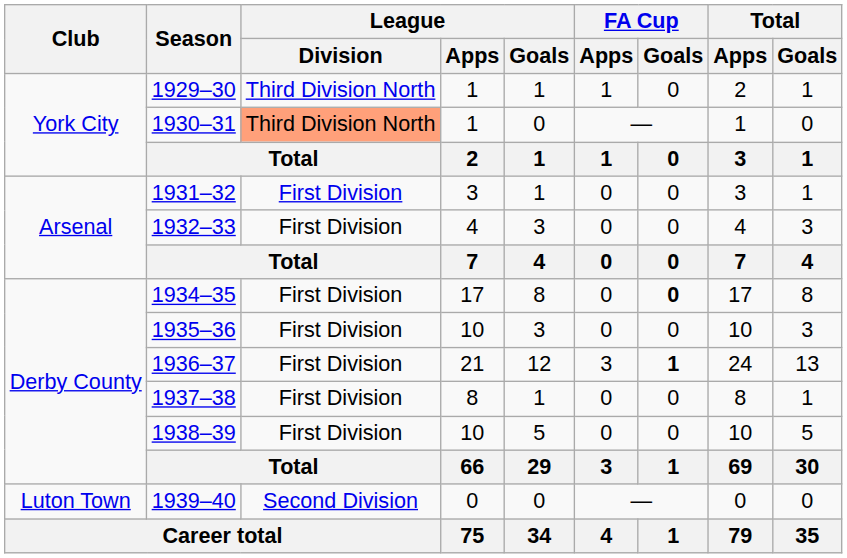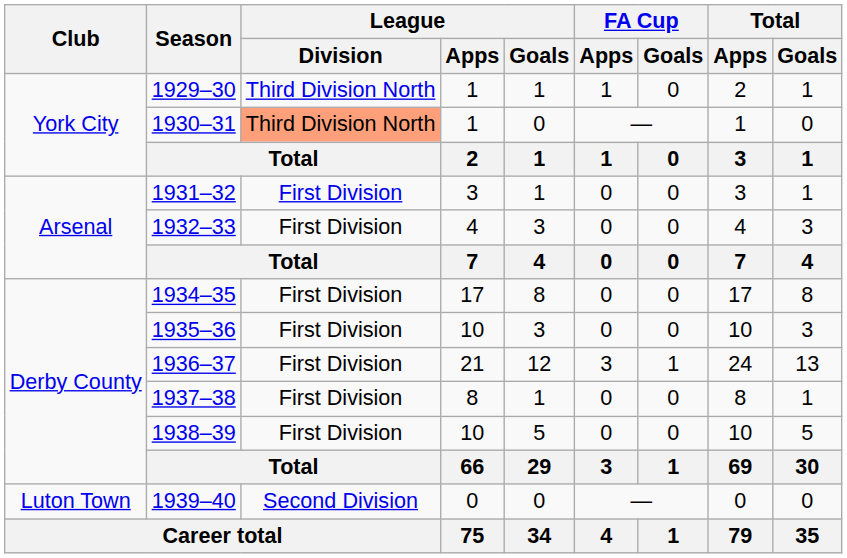 <table class="wikitable" style="text-align: center;">
 <tr>
 <th rowspan="2">Club</th>
 <th rowspan="2">Season</th>
 <th colspan="3">League</th>
 <th colspan="2"><a href='#'>FA Cup</a></th>
 <th colspan="2">Total</th>
 </tr>
 <tr>
 <th>Division</th>
 <th>Apps</th>
 <th>Goals</th>
 <th>Apps</th>
 <th>Goals</th>
 <th>Apps</th>
 <th>Goals</th>
 </tr>
 <tr>
 <td rowspan="3"><a href='#'>York City</a></td>
 <td><a href='#'>1929–30</a></td>
 <td><a href='#'>Third Division North</a></td>
 <td>1</td>
 <td>1</td>
 <td>1</td>
 <td>0</td>
 <td>2</td>
 <td>1</td>
 </tr>
 <tr>
 <td><a href='#'>1930–31</a></td>
 <td style="background: lightsalmon;">Third Division North</td>
 <td>1</td>
 <td>0</td>
 <td colspan="2">—</td>
 <td>1</td>
 <td>0</td>
 </tr>
 <tr>
 <th colspan="2">Total</th>
 <th>2</th>
 <th>1</th>
 <th>1</th>
 <th>0</th>
 <th>3</th>
 <th>1</th>
 </tr>
 <tr>
 <td rowspan="3"><a href='#'>Arsenal</a></td>
 <td><a href='#'>1931–32</a></td>
 <td><a href='#'>First Division</a></td>
 <td>3</td>
 <td>1</td>
 <td>0</td>
 <td>0</td>
 <td>3</td>
 <td>1</td>
 </tr>
 <tr>
 <td><a href='#'>1932–33</a></td>
 <td>First Division</td>
 <td>4</td>
 <td>3</td>
 <td>0</td>
 <td>0</td>
 <td>4</td>
 <td>3</td>
 </tr>
 <tr>
 <th colspan="2">Total</th>
 <th>7</th>
 <th>4</th>
 <th>0</th>
 <th>0</th>
 <th>7</th>
 <th>4</th>
 </tr>
 <tr>
 <td rowspan="6"><a href='#'>Derby County</a></td>
 <td><a href='#'>1934–35</a></td>
 <td>First Division</td>
 <td>17</td>
 <td>8</td>
 <td>0</td>
-<td><strong>0</strong></td>
+<td>0</td>
 <td>17</td>
 <td>8</td>
 </tr>
 <tr>
 <td><a href='#'>1935–36</a></td>
 <td>First Division</td>
 <td>10</td>
 <td>3</td>
 <td>0</td>
 <td>0</td>
 <td>10</td>
 <td>3</td>
 </tr>
 <tr>
 <td><a href='#'>1936–37</a></td>
 <td>First Division</td>
 <td>21</td>
 <td>12</td>
 <td>3</td>
-<td><strong>1</strong></td>
+<td>1</td>
 <td>24</td>
 <td>13</td>
 </tr>
 <tr>
 <td><a href='#'>1937–38</a></td>
 <td>First Division</td>
 <td>8</td>
 <td>1</td>
 <td>0</td>
 <td>0</td>
 <td>8</td>
 <td>1</td>
 </tr>
 <tr>
 <td><a href='#'>1938–39</a></td>
 <td>First Division</td>
 <td>10</td>
 <td>5</td>
 <td>0</td>
 <td>0</td>
 <td>10</td>
 <td>5</td>
 </tr>
 <tr>
 <th colspan="2">Total</th>
 <th>66</th>
 <th>29</th>
 <th>3</th>
 <th>1</th>
 <th>69</th>
 <th>30</th>
 </tr>
 <tr>
 <td><a href='#'>Luton Town</a></td>
 <td><a href='#'>1939–40</a></td>
 <td><a href='#'>Second Division</a></td>
 <td>0</td>
 <td>0</td>
 <td colspan="2">—</td>
 <td>0</td>
 <td>0</td>
 </tr>
 <tr>
 <th colspan="3">Career total</th>
 <th>75</th>
 <th>34</th>
 <th>4</th>
 <th>1</th>
 <th>79</th>
 <th>35</th>
 </tr>
 </table>
